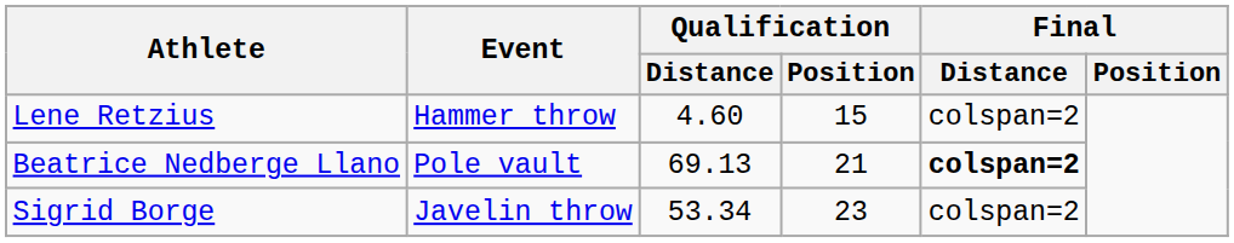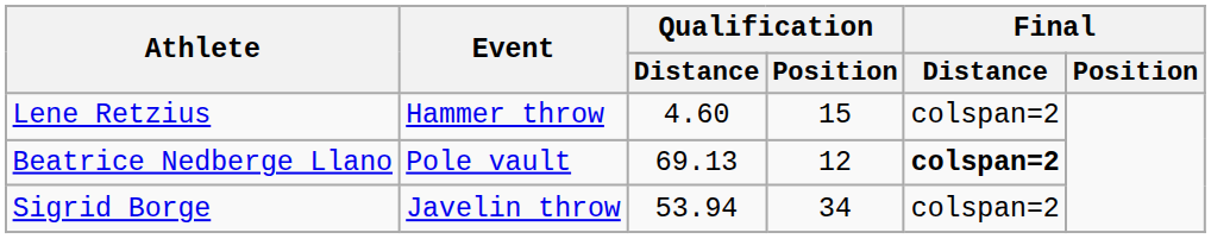 <table class=wikitable style=font-size:90%>
 <tr>
 <th rowspan=2>Athlete</th>
 <th rowspan=2>Event</th>
 <th colspan=2>Qualification</th>
 <th colspan=2>Final</th>
 </tr>
 <tr style=font-size:95%>
 <th>Distance</th>
 <th>Position</th>
 <th>Distance</th>
 <th>Position</th>
 </tr>
 <tr align=center>
 <td align=left><a href='#'>Lene Retzius</a></td>
 <td align=left><a href='#'>Hammer throw</a></td>
 <td>4.60 </td>
 <td>15</td>
 <td>colspan=2 </td>
 </tr>
 <tr align=center>
 <td align=left><a href='#'>Beatrice Nedberge Llano</a></td>
 <td align=left><a href='#'>Pole vault</a></td>
 <td>69.13</td>
-<td>21</td>
+<td>12</td>
 <td><strong>colspan=2 </strong></td>
 </tr>
 <tr align=center>
 <td align=left><a href='#'>Sigrid Borge</a></td>
 <td align=left><a href='#'>Javelin throw</a></td>
-<td>53.34</td>
-<td>23</td>
+<td>53.94</td>
+<td>34</td>
 <td>colspan=2 </td>
 </tr>
 </table>
